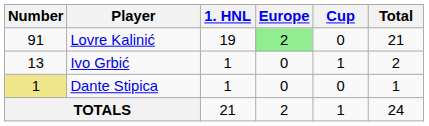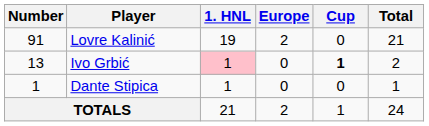 <table class="wikitable sortable" style="font-size: 95%; text-align: center;">
 <tr>
 <th width=40>Number</th>
 <th width=130>Player</th>
 <th width=50><a href='#'>1. HNL</a></th>
 <th width=50><a href='#'>Europe</a></th>
 <th width=50><a href='#'>Cup</a></th>
 <th width=50>Total</th>
 </tr>
 <tr>
 <td>91</td>
 <td align="left"> <a href='#'>Lovre Kalinić</a></td>
 <td>19</td>
-<td style="background: lightgreen;">2</td>
+<td>2</td>
 <td>0</td>
 <td>21</td>
 </tr>
 <tr>
 <td>13</td>
 <td align="left"> <a href='#'>Ivo Grbić</a></td>
-<td>1</td>
+<td style="background: pink;">1</td>
 <td>0</td>
-<td>1</td>
+<td><strong>1</strong></td>
 <td>2</td>
 </tr>
 <tr>
-<td style="background: khaki;">1</td>
+<td>1</td>
 <td align="left"> <a href='#'>Dante Stipica</a></td>
 <td>1</td>
 <td>0</td>
 <td>0</td>
 <td>1</td>
 </tr>
 <tr>
 <th colspan="2">TOTALS</th>
 <td>21</td>
 <td>2</td>
 <td>1</td>
 <td>24</td>
 </tr>
 </table>
